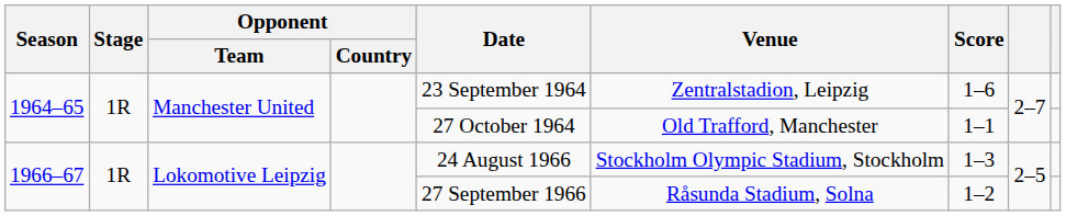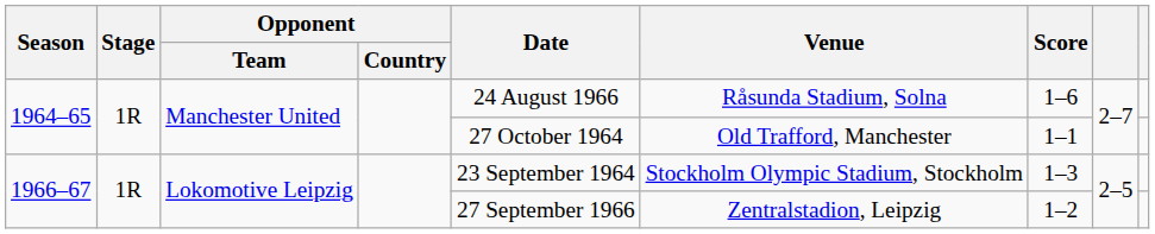 <table class="wikitable" style="text-align: center; font-size: 97%;">
 <tr>
 <th rowspan=2>Season</th>
 <th rowspan=2>Stage</th>
 <th scope="col" colspan=2>Opponent</th>
 <th scope="col" rowspan=2>Date</th>
 <th scope="col" rowspan=2>Venue</th>
 <th scope="col" rowspan=2>Score</th>
 <th scope="col" rowspan=2></th>
 <th scope="col" rowspan=2></th>
 </tr>
 <tr>
 <th scope="col">Team</th>
 <th scope="col">Country</th>
 </tr>
 <tr>
 <td rowspan=2><a href='#'>1964–65</a></td>
 <td rowspan=2>1R</td>
 <td rowspan=2 align=left><a href='#'>Manchester United</a></td>
 <td rowspan=2 align=left></td>
-<td>23 September 1964</td>
-<td><a href='#'>Zentralstadion</a>, Leipzig</td>
+<td>24 August 1966</td>
+<td><a href='#'>Råsunda Stadium</a>, <a href='#'>Solna</a></td>
 <td>1–6</td>
 <td rowspan=2>2–7</td>
 <td></td>
 </tr>
 <tr>
 <td>27 October 1964</td>
 <td><a href='#'>Old Trafford</a>, Manchester</td>
 <td>1–1</td>
 <td></td>
 </tr>
 <tr>
 <td rowspan=2><a href='#'>1966–67</a></td>
 <td rowspan=2>1R</td>
 <td rowspan=2 align=left><a href='#'>Lokomotive Leipzig</a></td>
 <td rowspan=2 align=left></td>
-<td>24 August 1966</td>
+<td>23 September 1964</td>
 <td><a href='#'>Stockholm Olympic Stadium</a>, Stockholm</td>
 <td>1–3</td>
 <td rowspan=2>2–5</td>
 <td></td>
 </tr>
 <tr>
 <td>27 September 1966</td>
-<td><a href='#'>Råsunda Stadium</a>, <a href='#'>Solna</a></td>
+<td><a href='#'>Zentralstadion</a>, Leipzig</td>
 <td>1–2</td>
 <td></td>
 </tr>
 </table>
